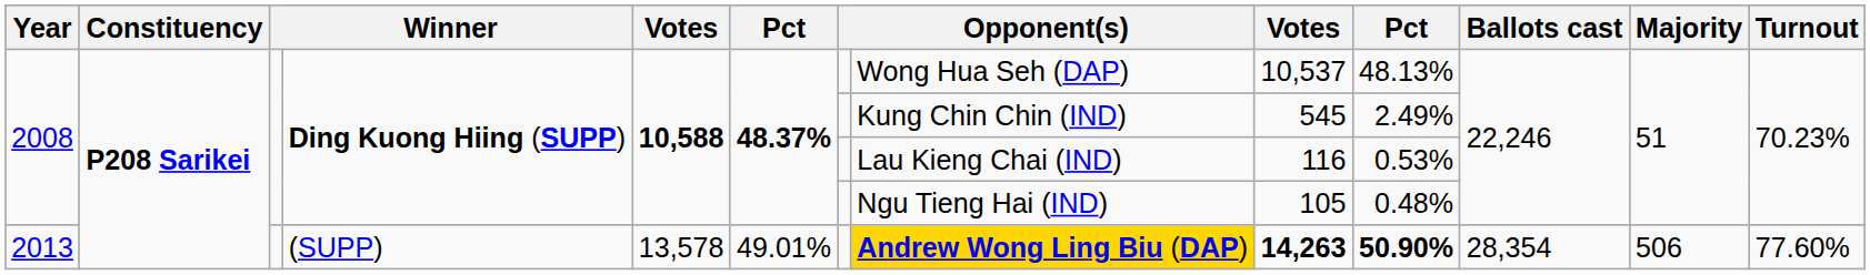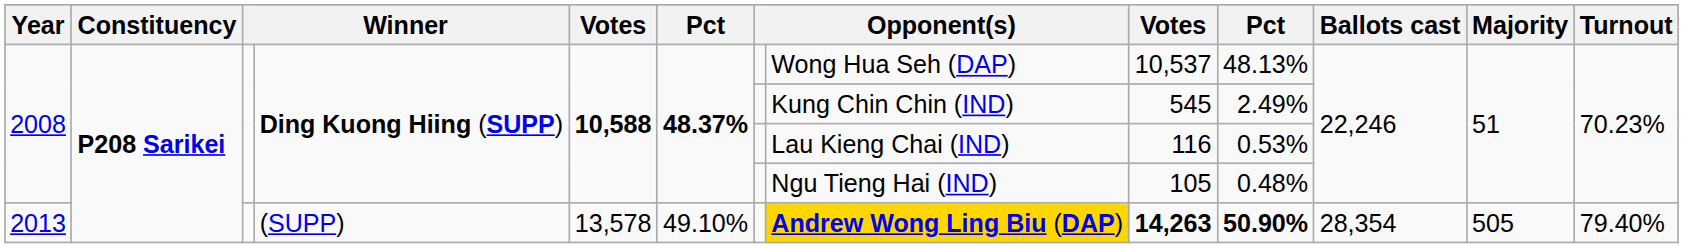 <table class="wikitable" style="margin:0.5em ; font-size:95%">
 <tr>
 <th>Year</th>
 <th>Constituency</th>
 <th colspan=2>Winner</th>
 <th>Votes</th>
 <th>Pct</th>
 <th colspan=2>Opponent(s)</th>
 <th>Votes</th>
 <th>Pct</th>
 <th>Ballots cast</th>
 <th>Majority</th>
 <th>Turnout</th>
 </tr>
 <tr>
 <td rowspan="4"><a href='#'>2008</a></td>
 <td rowspan="5"><strong>P208 <a href='#'>Sarikei</a></strong></td>
 <td rowspan="4" ></td>
 <td rowspan="4"><strong>Ding Kuong Hiing</strong> (<a href='#'><strong>SUPP</strong></a>)</td>
 <td rowspan="4" align="right"><strong>10,588</strong></td>
 <td rowspan="4"><strong>48.37%</strong></td>
 <td></td>
 <td>Wong Hua Seh (<a href='#'>DAP</a>)</td>
 <td align="right">10,537</td>
 <td>48.13%</td>
 <td rowspan="4">22,246</td>
 <td rowspan="4">51</td>
 <td rowspan="4">70.23%</td>
 </tr>
 <tr>
 <td></td>
 <td>Kung Chin Chin (<a href='#'>IND</a>)</td>
 <td align="right">545</td>
 <td align="right">2.49%</td>
 </tr>
 <tr>
 <td></td>
 <td>Lau Kieng Chai (<a href='#'>IND</a>)</td>
 <td align="right">116</td>
 <td align="right">0.53%</td>
 </tr>
 <tr>
 <td></td>
 <td>Ngu Tieng Hai (<a href='#'>IND</a>)</td>
 <td align="right">105</td>
 <td align="right">0.48%</td>
 </tr>
 <tr>
 <td><a href='#'>2013</a></td>
 <td></td>
 <td> (<a href='#'>SUPP</a>)</td>
 <td align="right">13,578</td>
-<td>49.01%</td>
+<td>49.10%</td>
 <td></td>
 <td style="background: gold;"><strong><a href='#'>Andrew Wong Ling Biu</a></strong> (<a href='#'><strong>DAP</strong></a>)</td>
 <td align="right"><strong>14,263</strong></td>
 <td><strong>50.90%</strong></td>
 <td>28,354</td>
-<td>506</td>
-<td>77.60%</td>
+<td>505</td>
+<td>79.40%</td>
 </tr>
 </table>
